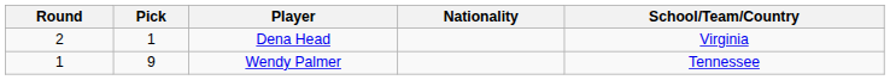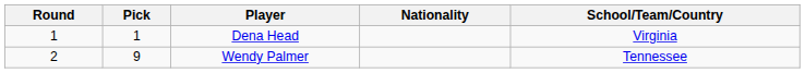 <table class="wikitable" style="text-align:center; width:60em">
 <tr>
 <th>Round</th>
 <th>Pick</th>
 <th>Player</th>
 <th>Nationality</th>
 <th>School/Team/Country</th>
 </tr>
 <tr>
-<td>2</td>
+<td>1</td>
 <td>1</td>
 <td><a href='#'>Dena Head</a></td>
 <td></td>
 <td><a href='#'>Virginia</a></td>
 </tr>
 <tr>
-<td>1</td>
+<td>2</td>
 <td>9</td>
 <td><a href='#'>Wendy Palmer</a></td>
 <td></td>
 <td><a href='#'>Tennessee</a></td>
 </tr>
 </table>
